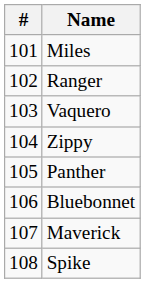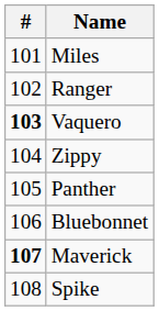 <table class="wikitable">
 <tr>
 <th>#</th>
 <th>Name</th>
 </tr>
 <tr>
 <td>101</td>
 <td>Miles</td>
 </tr>
 <tr>
 <td>102</td>
 <td>Ranger</td>
 </tr>
 <tr>
-<td>103</td>
+<td><strong>103</strong></td>
 <td>Vaquero</td>
 </tr>
 <tr>
 <td>104</td>
 <td>Zippy</td>
 </tr>
 <tr>
 <td>105</td>
 <td>Panther</td>
 </tr>
 <tr>
 <td>106</td>
 <td>Bluebonnet</td>
 </tr>
 <tr>
-<td>107</td>
+<td><strong>107</strong></td>
 <td>Maverick</td>
 </tr>
 <tr>
 <td>108</td>
 <td>Spike</td>
 </tr>
 </table>
